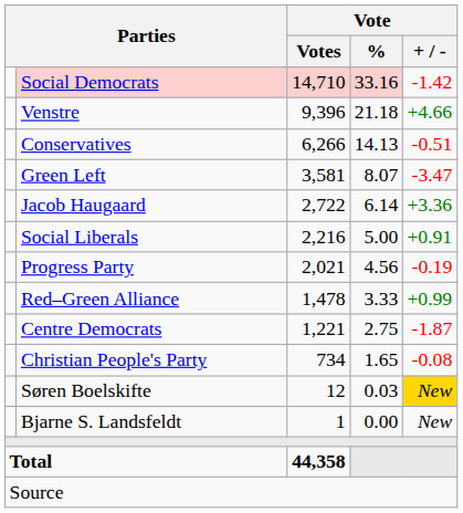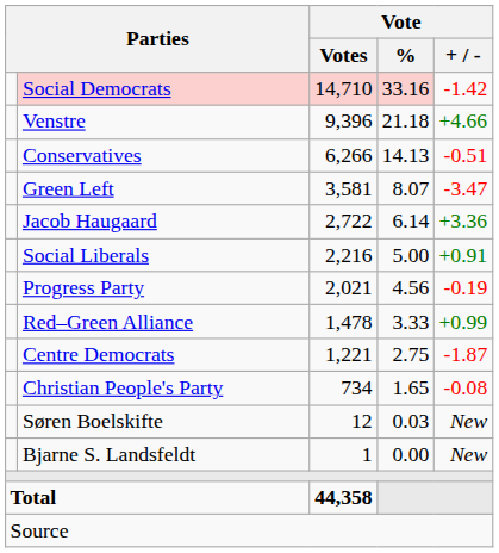 <table class="wikitable" style="text-align:right;">
 <tr>
 <th style="text-align:centre;" rowspan="2" colspan="2" width="225">Parties</th>
 <th colspan="3">Vote</th>
 </tr>
 <tr>
 <th width="15">Votes</th>
 <th width="15">%</th>
 <th width="15">+ / -</th>
 </tr>
 <tr>
 <td width="2" style="color:inherit;background:"></td>
 <td bgcolor=#fbd0ce  align="left"><a href='#'>Social Democrats</a></td>
 <td bgcolor=#fbd0ce>14,710</td>
 <td bgcolor=#fbd0ce>33.16</td>
 <td style=color:red;>-1.42</td>
 </tr>
 <tr>
 <td width="2" style="color:inherit;background:"></td>
 <td align="left"><a href='#'>Venstre</a></td>
 <td>9,396</td>
 <td>21.18</td>
 <td style=color:green;>+4.66</td>
 </tr>
 <tr>
 <td width="2" style="color:inherit;background:"></td>
 <td align="left"><a href='#'>Conservatives</a></td>
 <td>6,266</td>
 <td>14.13</td>
 <td style=color:red;>-0.51</td>
 </tr>
 <tr>
 <td width="2" style="color:inherit;background:"></td>
 <td align="left"><a href='#'>Green Left</a></td>
 <td>3,581</td>
 <td>8.07</td>
 <td style=color:red;>-3.47</td>
 </tr>
 <tr>
 <td width="2" style="color:inherit;background:"></td>
 <td align="left"><a href='#'>Jacob Haugaard</a></td>
 <td>2,722</td>
 <td>6.14</td>
 <td style=color:green;>+3.36</td>
 </tr>
 <tr>
 <td width="2" style="color:inherit;background:"></td>
 <td align="left"><a href='#'>Social Liberals</a></td>
 <td>2,216</td>
 <td>5.00</td>
 <td style=color:green;>+0.91</td>
 </tr>
 <tr>
 <td width="2" style="color:inherit;background:"></td>
 <td align="left"><a href='#'>Progress Party</a></td>
 <td>2,021</td>
 <td>4.56</td>
 <td style=color:red;>-0.19</td>
 </tr>
 <tr>
 <td width="2" style="color:inherit;background:"></td>
 <td align="left"><a href='#'>Red–Green Alliance</a></td>
 <td>1,478</td>
 <td>3.33</td>
 <td style=color:green;>+0.99</td>
 </tr>
 <tr>
 <td width="2" style="color:inherit;background:"></td>
 <td align="left"><a href='#'>Centre Democrats</a></td>
 <td>1,221</td>
 <td>2.75</td>
 <td style=color:red;>-1.87</td>
 </tr>
 <tr>
 <td width="2" style="color:inherit;background:"></td>
 <td align="left"><a href='#'>Christian People's Party</a></td>
 <td>734</td>
 <td>1.65</td>
 <td style=color:red;>-0.08</td>
 </tr>
 <tr>
 <td width="2" style="color:inherit;background:"></td>
 <td align="left">Søren Boelskifte</td>
 <td>12</td>
 <td>0.03</td>
-<td style="background: gold;"><em>New</em></td>
+<td><em>New</em></td>
 </tr>
 <tr>
 <td width="2" style="color:inherit;background:"></td>
 <td align="left">Bjarne S. Landsfeldt</td>
 <td>1</td>
 <td>0.00</td>
 <td><em>New</em></td>
 </tr>
 <tr>
 <td colspan="7" bgcolor="#E9E9E9"></td>
 </tr>
 <tr>
 <td align="left" colspan="2"><strong>Total</strong></td>
 <td><strong>44,358</strong></td>
 <td bgcolor="#E9E9E9" colspan="2"></td>
 </tr>
 <tr>
 <td align="left" colspan="6">Source</td>
 </tr>
 </table>
